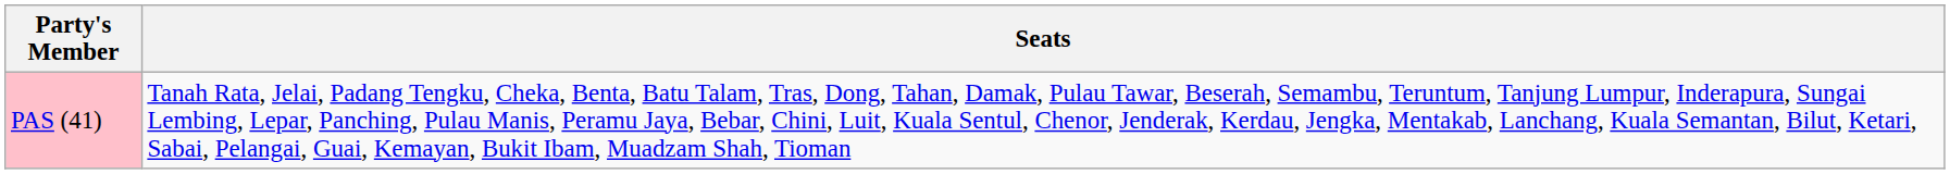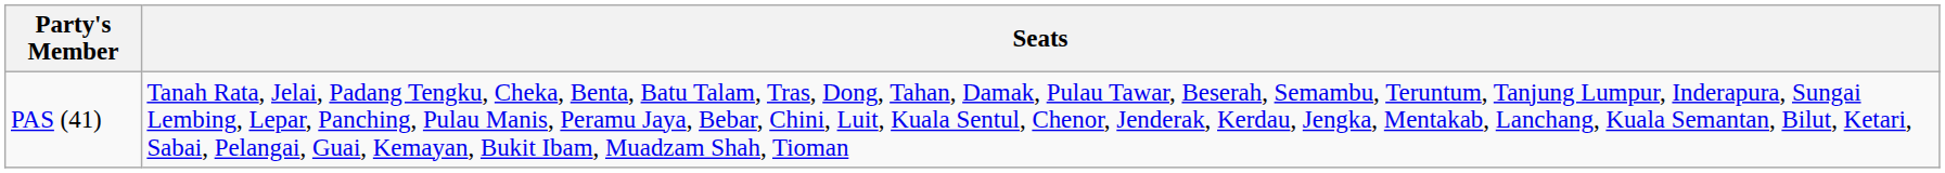 <table class="wikitable">
 <tr>
 <th>Party's Member</th>
 <th>Seats</th>
 </tr>
 <tr>
-<td style="background: pink;"> <a href='#'>PAS</a> (41)</td>
+<td> <a href='#'>PAS</a> (41)</td>
 <td><a href='#'>Tanah Rata</a>, <a href='#'>Jelai</a>, <a href='#'>Padang Tengku</a>, <a href='#'>Cheka</a>, <a href='#'>Benta</a>, <a href='#'>Batu Talam</a>, <a href='#'>Tras</a>, <a href='#'>Dong</a>, <a href='#'>Tahan</a>, <a href='#'>Damak</a>, <a href='#'>Pulau Tawar</a>, <a href='#'>Beserah</a>, <a href='#'>Semambu</a>, <a href='#'>Teruntum</a>, <a href='#'>Tanjung Lumpur</a>, <a href='#'>Inderapura</a>, <a href='#'>Sungai Lembing</a>, <a href='#'>Lepar</a>, <a href='#'>Panching</a>, <a href='#'>Pulau Manis</a>, <a href='#'>Peramu Jaya</a>, <a href='#'>Bebar</a>, <a href='#'>Chini</a>, <a href='#'>Luit</a>, <a href='#'>Kuala Sentul</a>, <a href='#'>Chenor</a>, <a href='#'>Jenderak</a>, <a href='#'>Kerdau</a>, <a href='#'>Jengka</a>, <a href='#'>Mentakab</a>, <a href='#'>Lanchang</a>, <a href='#'>Kuala Semantan</a>, <a href='#'>Bilut</a>, <a href='#'>Ketari</a>, <a href='#'>Sabai</a>, <a href='#'>Pelangai</a>, <a href='#'>Guai</a>, <a href='#'>Kemayan</a>, <a href='#'>Bukit Ibam</a>, <a href='#'>Muadzam Shah</a>, <a href='#'>Tioman</a></td>
 </tr>
 </table>
